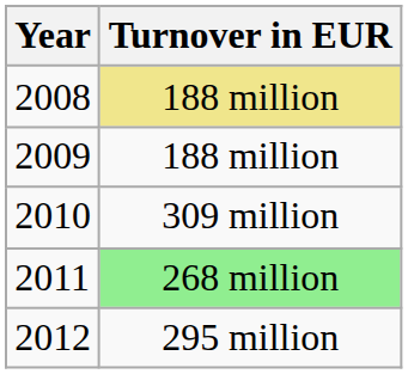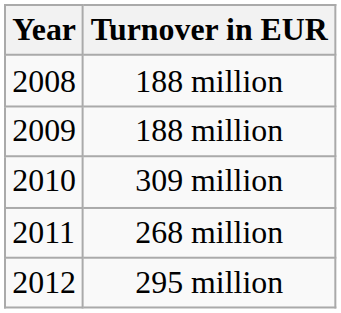 <table Class ="wikitable">
 <tr>
 <th>Year</th>
 <th>Turnover in EUR</th>
 </tr>
 <tr>
 <td>2008</td>
-<td align = "center" style="background: khaki;">188 million</td>
+<td align = "center">188 million</td>
 </tr>
 <tr>
 <td>2009</td>
 <td align = "center">188 million</td>
 </tr>
 <tr>
 <td>2010</td>
 <td align = "center">309 million</td>
 </tr>
 <tr>
 <td>2011</td>
-<td align = "center" style="background: lightgreen;">268 million</td>
+<td align = "center">268 million</td>
 </tr>
 <tr>
 <td>2012</td>
 <td align = "center">295 million</td>
 </tr>
 </table>
